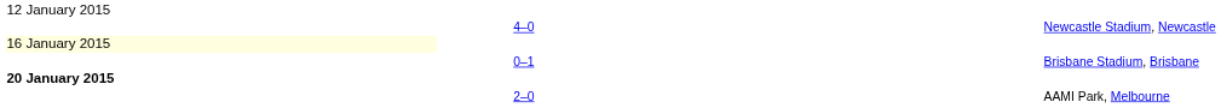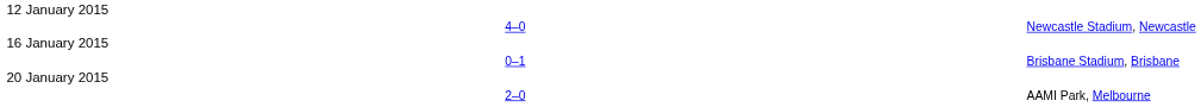 <table style="width:100%" cellspacing="1">
 <tr>
 <th width=25%></th>
 <th width=10%></th>
 <th width=25%></th>
 </tr>
 <tr>
 <td>12 January 2015</td>
 </tr>
 <tr style=font-size:90%>
 <td align=right></td>
 <td align=center><a href='#'>4–0</a></td>
 <td></td>
 <td><a href='#'>Newcastle Stadium</a>, <a href='#'>Newcastle</a></td>
 </tr>
 <tr>
-<td style="background: lightyellow;">16 January 2015</td>
+<td>16 January 2015</td>
 </tr>
 <tr style=font-size:90%>
 <td align=right></td>
 <td align=center><a href='#'>0–1</a></td>
 <td></td>
 <td><a href='#'>Brisbane Stadium</a>, <a href='#'>Brisbane</a></td>
 </tr>
 <tr>
-<td><strong>20 January 2015</strong></td>
+<td>20 January 2015</td>
 </tr>
 <tr style=font-size:90%>
 <td align=right></td>
 <td align=center><a href='#'>2–0</a></td>
 <td></td>
 <td>AAMI Park, <a href='#'>Melbourne</a></td>
 </tr>
 </table>
